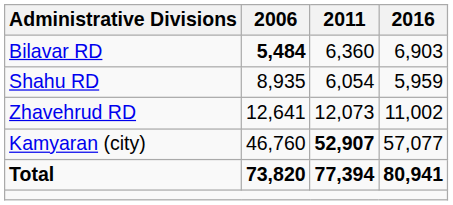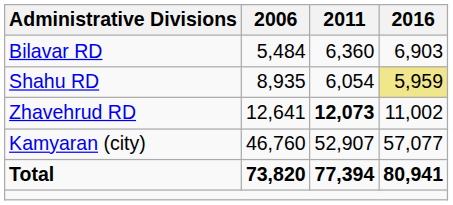 <table class="wikitable">
 <tr>
 <th>Administrative Divisions</th>
 <th>2006</th>
 <th>2011</th>
 <th>2016</th>
 </tr>
 <tr>
 <td><a href='#'>Bilavar RD</a></td>
-<td style="text-align: right;"><strong>5,484</strong></td>
+<td style="text-align: right;">5,484</td>
 <td style="text-align: right;">6,360</td>
 <td style="text-align: right;">6,903</td>
 </tr>
 <tr>
 <td><a href='#'>Shahu RD</a></td>
 <td style="text-align: right;">8,935</td>
 <td style="text-align: right;">6,054</td>
-<td style="text-align: right;">5,959</td>
+<td style="background: khaki; text-align: right;">5,959</td>
 </tr>
 <tr>
 <td><a href='#'>Zhavehrud RD</a></td>
 <td style="text-align: right;">12,641</td>
-<td style="text-align: right;">12,073</td>
+<td style="text-align: right;"><strong>12,073</strong></td>
 <td style="text-align: right;">11,002</td>
 </tr>
 <tr>
 <td><a href='#'>Kamyaran</a> (city)</td>
 <td style="text-align: right;">46,760</td>
-<td style="text-align: right;"><strong>52,907</strong></td>
+<td style="text-align: right;">52,907</td>
 <td style="text-align: right;">57,077</td>
 </tr>
 <tr>
 <td><strong>Total</strong></td>
 <td style="text-align: right;"><strong>73,820</strong></td>
 <td style="text-align: right;"><strong>77,394</strong></td>
 <td style="text-align: right;"><strong>80,941</strong></td>
 </tr>
 <tr>
 <td colspan=4></td>
 </tr>
 </table>
